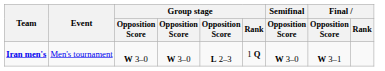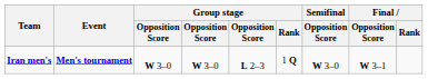 <table class=wikitable style=font-size:90%;text-align:center>
 <tr>
 <th rowspan=2>Team</th>
 <th rowspan=2>Event</th>
 <th colspan=4>Group stage</th>
 <th>Semifinal</th>
 <th colspan=2>Final / </th>
 </tr>
 <tr style=font-size:95%>
 <th>Opposition<br>Score</th>
 <th>Opposition<br>Score</th>
 <th>Opposition<br>Score</th>
 <th>Rank</th>
 <th>Opposition<br>Score</th>
 <th>Opposition<br>Score</th>
 <th>Rank</th>
 </tr>
 <tr>
 <td align=left><strong><a href='#'>Iran men's</a></strong></td>
-<td align=left><a href='#'>Men's tournament</a></td>
+<td align=left><strong><a href='#'>Men's tournament</a></strong></td>
 <td><br><strong>W</strong> 3–0</td>
 <td><br><strong>W</strong> 3–0</td>
 <td><br><strong>L</strong> 2–3</td>
 <td>1 <strong>Q</strong></td>
 <td><br><strong>W</strong> 3–0</td>
 <td><br><strong>W</strong> 3–1</td>
 <td></td>
 </tr>
 </table>
